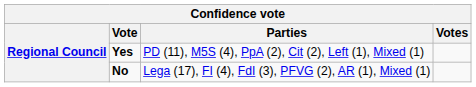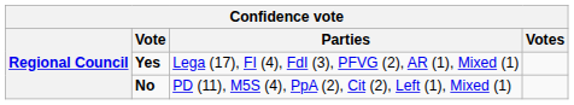 <table class="wikitable">
 <tr>
 <th colspan="4">Confidence vote</th>
 </tr>
 <tr>
 <th rowspan="3"><a href='#'>Regional Council</a></th>
 <th>Vote</th>
 <th>Parties</th>
 <th>Votes</th>
 </tr>
 <tr>
 <td> <strong>Yes</strong></td>
-<td><a href='#'>PD</a> (11), <a href='#'>M5S</a> (4), <a href='#'>PpA</a> (2), <a href='#'>Cit</a> (2), <a href='#'>Left</a> (1), <a href='#'>Mixed</a> (1)</td>
+<td><a href='#'>Lega</a> (17), <a href='#'>FI</a> (4), <a href='#'>FdI</a> (3), <a href='#'>PFVG</a> (2), <a href='#'>AR</a> (1), <a href='#'>Mixed</a> (1)</td>
 <td></td>
 </tr>
 <tr>
 <td> <strong>No</strong></td>
-<td><a href='#'>Lega</a> (17), <a href='#'>FI</a> (4), <a href='#'>FdI</a> (3), <a href='#'>PFVG</a> (2), <a href='#'>AR</a> (1), <a href='#'>Mixed</a> (1)</td>
+<td><a href='#'>PD</a> (11), <a href='#'>M5S</a> (4), <a href='#'>PpA</a> (2), <a href='#'>Cit</a> (2), <a href='#'>Left</a> (1), <a href='#'>Mixed</a> (1)</td>
 <td></td>
 </tr>
 </table>
